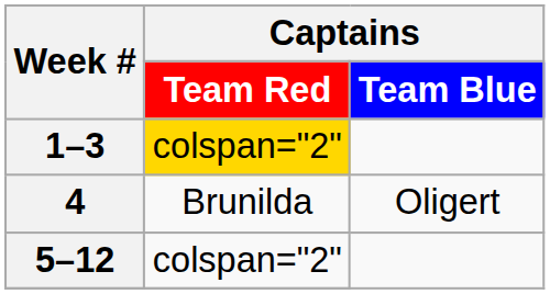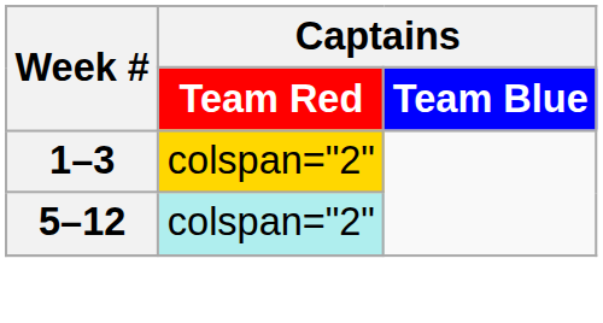 <table class="wikitable " style="text-align:center;">
 <tr>
 <th rowspan="2">Week #</th>
 <th colspan="2">Captains</th>
 </tr>
 <tr>
 <th style="background: Red; color: white; text-align: center;">Team Red</th>
 <th style="background: Blue; color: white; text-align: center;">Team Blue</th>
 </tr>
 <tr>
 <th>1–3</th>
 <td style="background: gold;">colspan="2" </td>
 </tr>
 <tr>
-<th>4</th>
-<td>Brunilda</td>
-<td>Oligert</td>
-</tr>
-<tr>
 <th>5–12</th>
-<td>colspan="2" </td>
+<td style="background: paleturquoise;">colspan="2" </td>
 </tr>
 <tr>
 </tr>
 </table>
